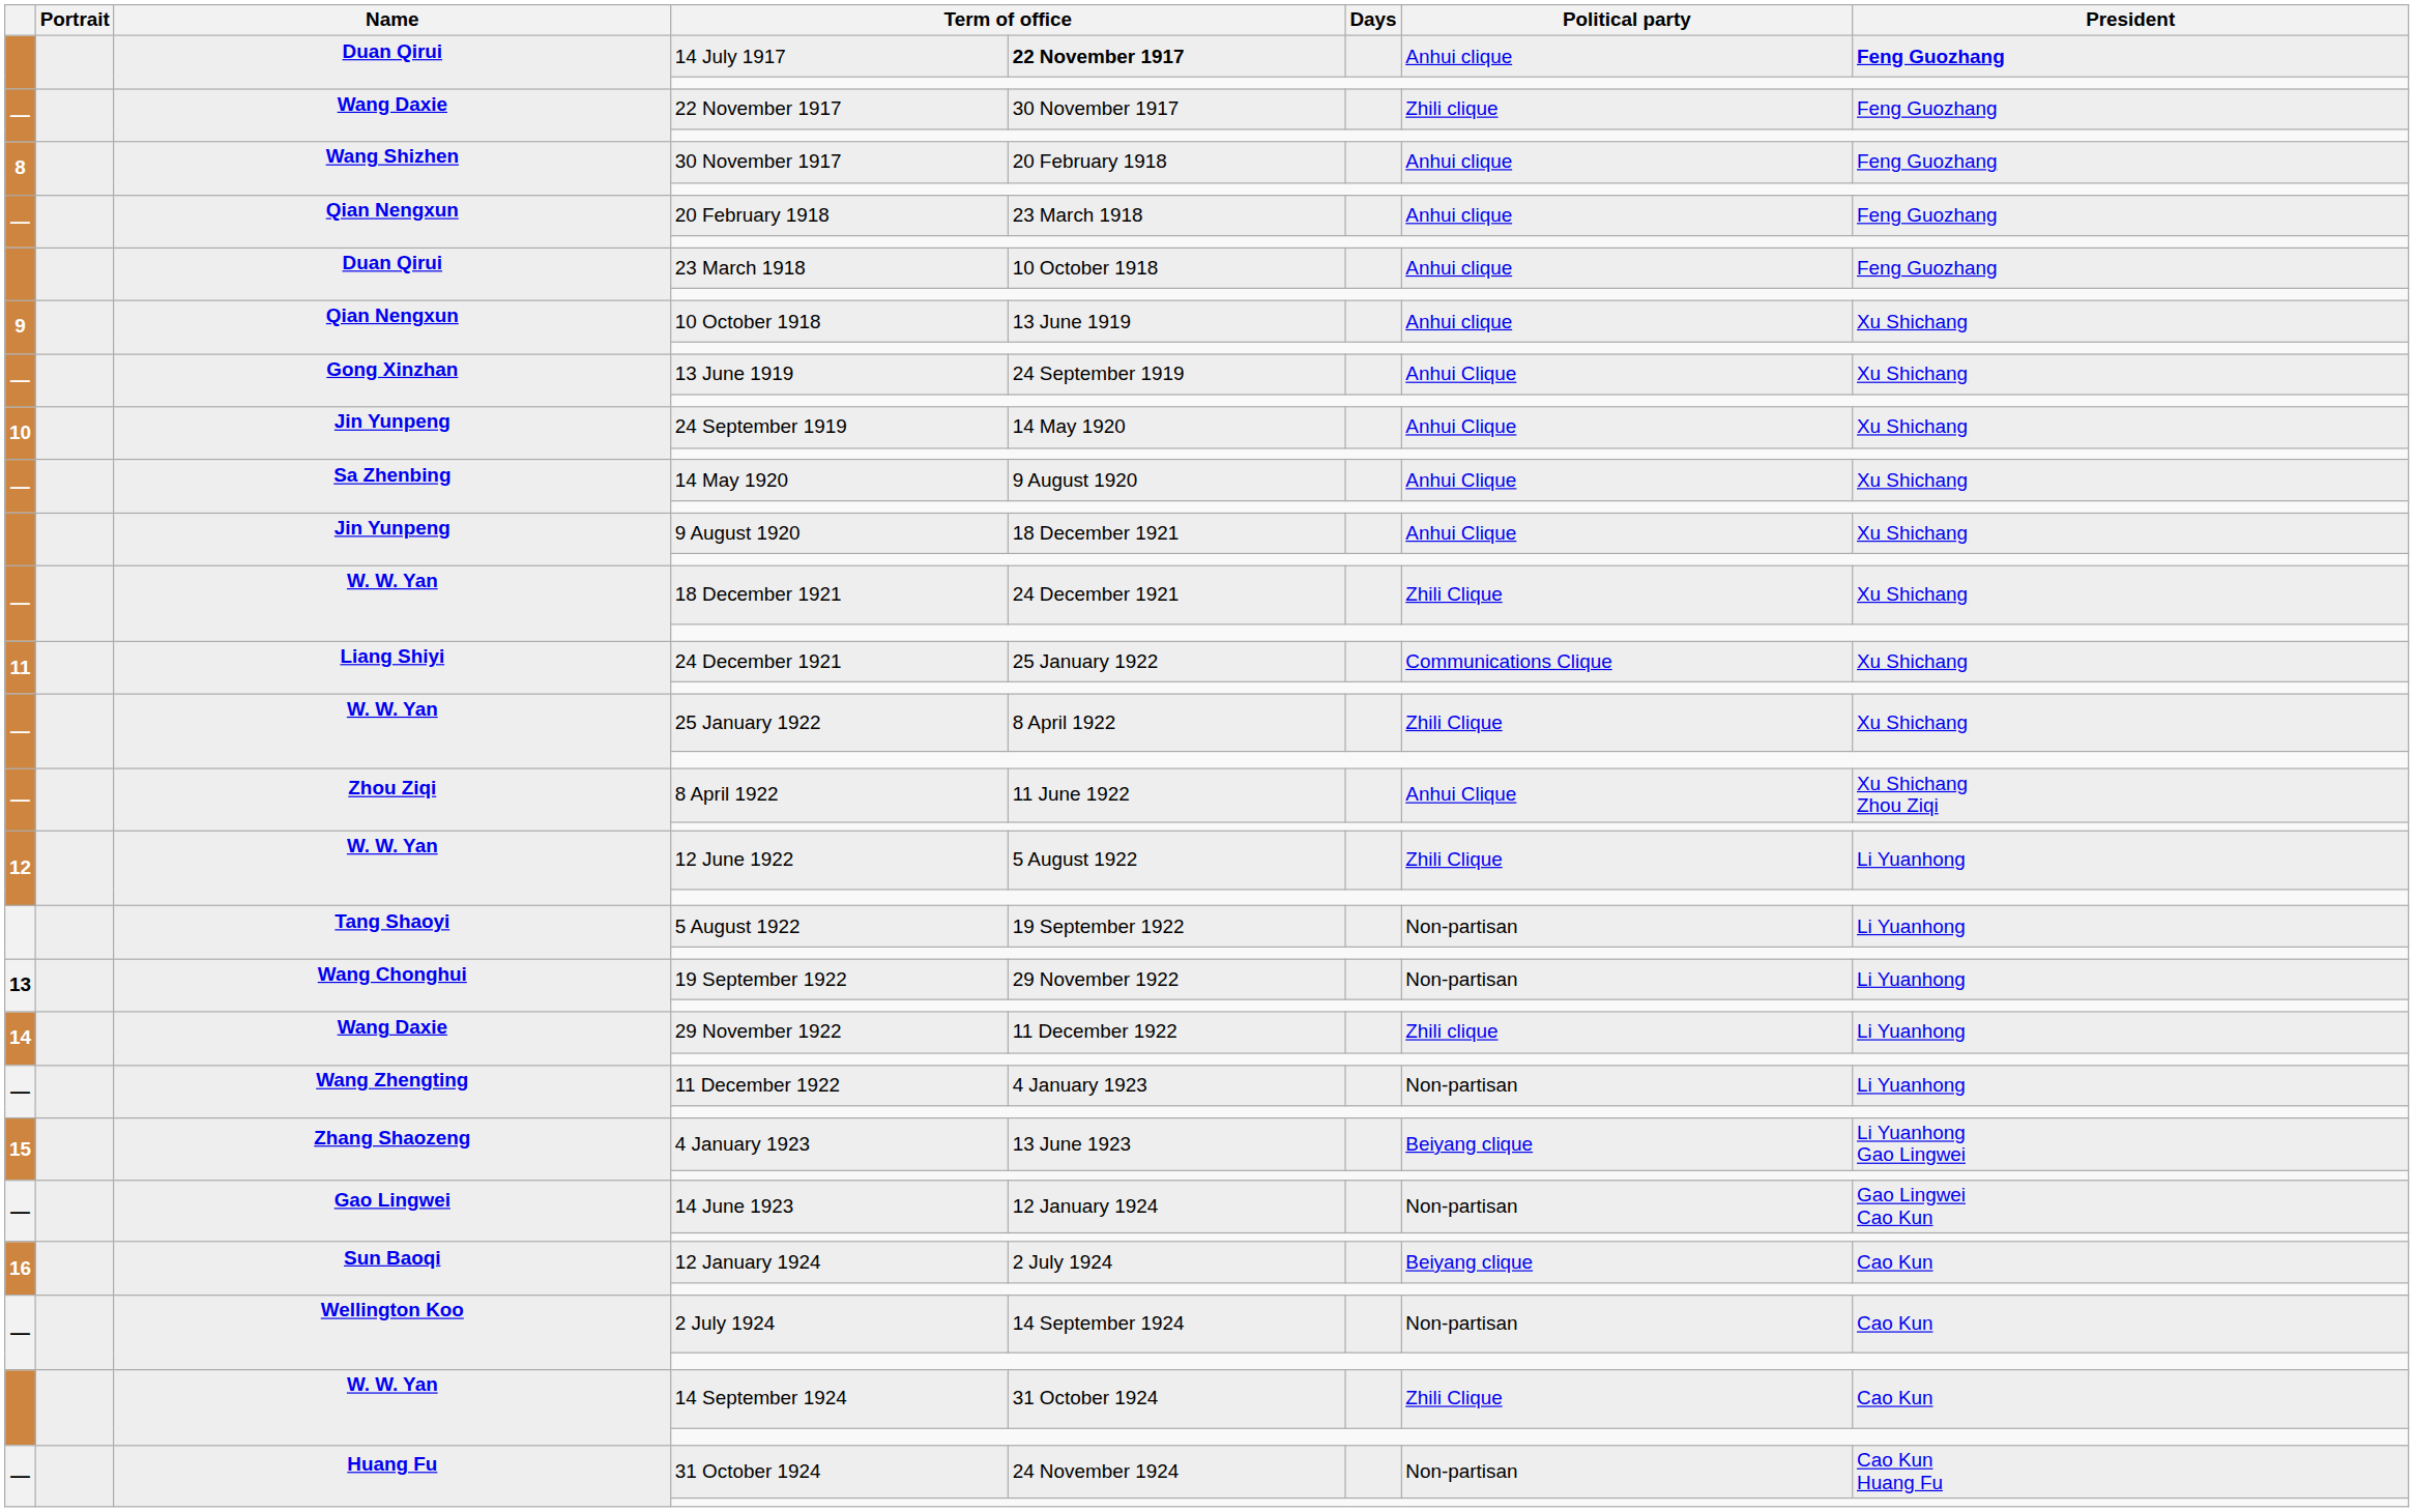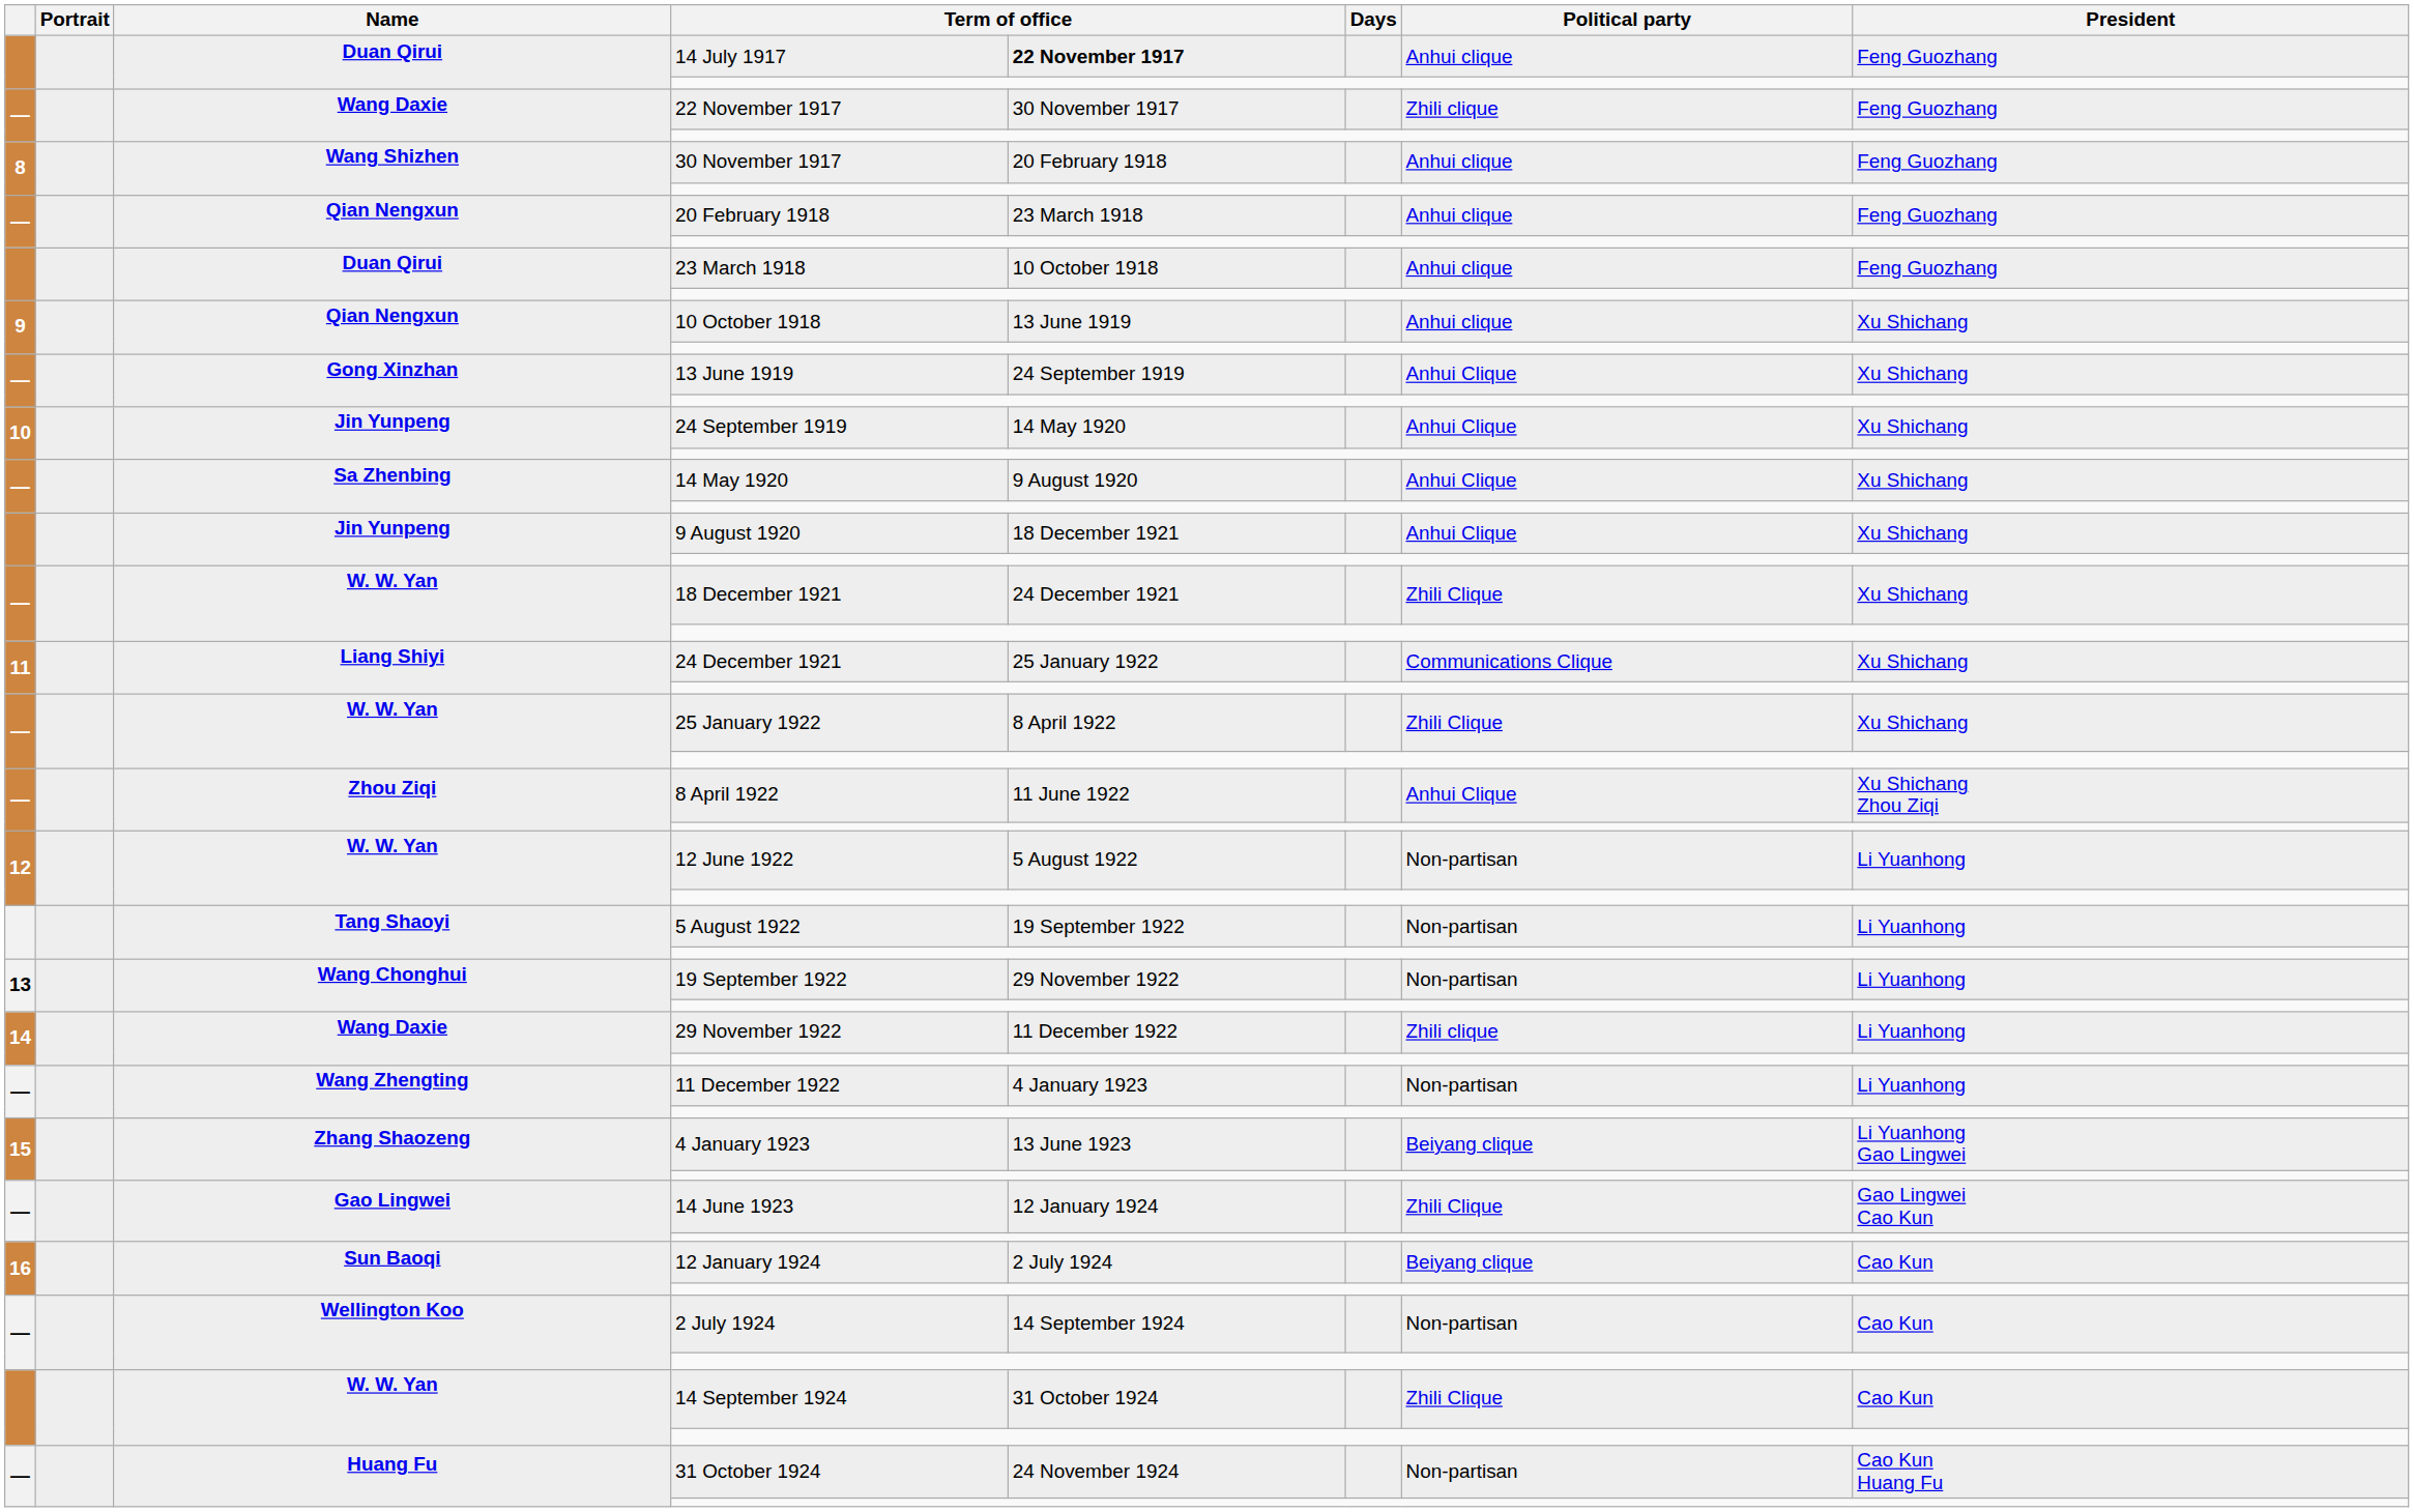 <table class="wikitable">
 <tr>
 <th></th>
 <th>Portrait</th>
 <th width=25%>Name<br></th>
 <th colspan=2 width=30%>Term of office</th>
 <th>Days</th>
 <th width=20%>Political party</th>
 <th width=35%>President</th>
 </tr>
 <tr bgcolor=#EEEEEE>
 <th rowspan=2 style="background:#CD853F; color:white;"></th>
 <td rowspan=2 align=center></td>
 <td rowspan=2 align=center><strong><a href='#'>Duan Qirui</a></strong><br><br></td>
 <td>14 July 1917</td>
 <td><strong>22 November 1917</strong></td>
 <td></td>
 <td><a href='#'>Anhui clique</a></td>
-<td><strong><a href='#'>Feng Guozhang</a></strong></td>
+<td><a href='#'>Feng Guozhang</a></td>
 </tr>
 <tr>
 <td colspan=5></td>
 </tr>
 <tr bgcolor=#EEEEEE>
 <th rowspan=2 style="background:#CD853F; color:white;">—</th>
 <td rowspan=2 align=center></td>
 <td rowspan=2 align=center><strong><a href='#'>Wang Daxie</a></strong><br><br></td>
 <td>22 November 1917</td>
 <td>30 November 1917</td>
 <td></td>
 <td><a href='#'>Zhili clique</a></td>
 <td><a href='#'>Feng Guozhang</a></td>
 </tr>
 <tr>
 <td colspan=5></td>
 </tr>
 <tr bgcolor=#EEEEEE>
 <th rowspan=2 style="background:#CD853F; color:white;">8</th>
 <td rowspan=2 align=center></td>
 <td rowspan=2 align=center><strong><a href='#'>Wang Shizhen</a></strong><br><br></td>
 <td>30 November 1917</td>
 <td>20 February 1918</td>
 <td></td>
 <td><a href='#'>Anhui clique</a></td>
 <td><a href='#'>Feng Guozhang</a></td>
 </tr>
 <tr>
 <td colspan=5></td>
 </tr>
 <tr bgcolor=#EEEEEE>
 <th rowspan=2 style="background:#CD853F; color:white;">—</th>
 <td rowspan=2 align=center></td>
 <td rowspan=2 align=center><strong><a href='#'>Qian Nengxun</a></strong><br><br></td>
 <td>20 February 1918</td>
 <td>23 March 1918</td>
 <td></td>
 <td><a href='#'>Anhui clique</a></td>
 <td><a href='#'>Feng Guozhang</a></td>
 </tr>
 <tr>
 <td colspan=5></td>
 </tr>
 <tr bgcolor=#EEEEEE>
 <th rowspan=2 style="background:#CD853F; color:white;"></th>
 <td rowspan=2 align=center></td>
 <td rowspan=2 align=center><strong><a href='#'>Duan Qirui</a></strong><br><br></td>
 <td>23 March 1918</td>
 <td>10 October 1918</td>
 <td></td>
 <td><a href='#'>Anhui clique</a></td>
 <td><a href='#'>Feng Guozhang</a></td>
 </tr>
 <tr>
 <td colspan=5></td>
 </tr>
 <tr bgcolor=#EEEEEE>
 <th rowspan=2 style="background:#CD853F; color:white;">9</th>
 <td rowspan=2 align=center></td>
 <td rowspan=2 align=center><strong><a href='#'>Qian Nengxun</a></strong><br><br></td>
 <td>10 October 1918</td>
 <td>13 June 1919</td>
 <td></td>
 <td><a href='#'>Anhui clique</a></td>
 <td><a href='#'>Xu Shichang</a></td>
 </tr>
 <tr>
 <td colspan=5></td>
 </tr>
 <tr bgcolor=#EEEEEE>
 <th rowspan=2 style="background:#CD853F; color:white;">—</th>
 <td rowspan=2 align=center></td>
 <td rowspan=2 align=center><strong><a href='#'>Gong Xinzhan</a></strong><br><br></td>
 <td>13 June 1919</td>
 <td>24 September 1919</td>
 <td></td>
 <td><a href='#'>Anhui Clique</a></td>
 <td><a href='#'>Xu Shichang</a></td>
 </tr>
 <tr>
 <td colspan=5></td>
 </tr>
 <tr bgcolor=#EEEEEE>
 <th rowspan=2 style="background:#CD853F; color:white;">10</th>
 <td rowspan=2 align=center></td>
 <td rowspan=2 align=center><strong><a href='#'>Jin Yunpeng</a></strong><br><br></td>
 <td>24 September 1919</td>
 <td>14 May 1920</td>
 <td></td>
 <td><a href='#'>Anhui Clique</a></td>
 <td><a href='#'>Xu Shichang</a></td>
 </tr>
 <tr>
 <td colspan=5></td>
 </tr>
 <tr bgcolor=#EEEEEE>
 <th rowspan=2 style="background:#CD853F; color:white;">—</th>
 <td rowspan=2 align=center></td>
 <td rowspan=2 align=center><strong><a href='#'>Sa Zhenbing</a></strong><br><br></td>
 <td>14 May 1920</td>
 <td>9 August 1920</td>
 <td></td>
 <td><a href='#'>Anhui Clique</a></td>
 <td><a href='#'>Xu Shichang</a></td>
 </tr>
 <tr>
 <td colspan=5></td>
 </tr>
 <tr bgcolor=#EEEEEE>
 <th rowspan=2 style="background:#CD853F; color:white;"></th>
 <td rowspan=2 align=center></td>
 <td rowspan=2 align=center><strong><a href='#'>Jin Yunpeng</a></strong><br><br></td>
 <td>9 August 1920</td>
 <td>18 December 1921</td>
 <td></td>
 <td><a href='#'>Anhui Clique</a></td>
 <td><a href='#'>Xu Shichang</a></td>
 </tr>
 <tr>
 <td colspan=5></td>
 </tr>
 <tr bgcolor=#EEEEEE>
 <th rowspan=2 style="background:#CD853F; color:white;">—</th>
 <td rowspan=2 align=center></td>
 <td rowspan=2 align=center><strong><a href='#'>W. W. Yan<br></a></strong><br><br></td>
 <td>18 December 1921</td>
 <td>24 December 1921</td>
 <td></td>
 <td><a href='#'>Zhili Clique</a></td>
 <td><a href='#'>Xu Shichang</a></td>
 </tr>
 <tr>
 <td colspan=5></td>
 </tr>
 <tr bgcolor=#EEEEEE>
 <th rowspan=2 style="background:#CD853F; color:white;">11</th>
 <td rowspan=2 align=center></td>
 <td rowspan=2 align=center><strong><a href='#'>Liang Shiyi</a></strong><br><br></td>
 <td>24 December 1921</td>
 <td>25 January 1922</td>
 <td></td>
 <td><a href='#'>Communications Clique</a></td>
 <td><a href='#'>Xu Shichang</a></td>
 </tr>
 <tr>
 <td colspan=5></td>
 </tr>
 <tr bgcolor=#EEEEEE>
 <th rowspan=2 style="background:#CD853F; color:white;">—</th>
 <td rowspan=2 align=center></td>
 <td rowspan=2 align=center><strong><a href='#'>W. W. Yan<br></a></strong><br><br></td>
 <td>25 January 1922</td>
 <td>8 April 1922</td>
 <td></td>
 <td><a href='#'>Zhili Clique</a></td>
 <td><a href='#'>Xu Shichang</a></td>
 </tr>
 <tr>
 <td colspan=5></td>
 </tr>
 <tr bgcolor=#EEEEEE>
 <th rowspan=2 style="background:#CD853F; color:white;">—</th>
 <td rowspan=2 align=center></td>
 <td rowspan=2 align=center><strong><a href='#'>Zhou Ziqi</a></strong><br><br></td>
 <td>8 April 1922</td>
 <td>11 June 1922</td>
 <td></td>
 <td><a href='#'>Anhui Clique</a></td>
 <td><a href='#'>Xu Shichang</a><br><a href='#'>Zhou Ziqi</a> </td>
 </tr>
 <tr>
 <td colspan=5></td>
 </tr>
 <tr bgcolor=#EEEEEE>
 <th rowspan=2 style="background:#CD853F; color:white;">12</th>
 <td rowspan=2 align=center></td>
 <td rowspan=2 align=center><strong><a href='#'>W. W. Yan<br></a></strong><br><br></td>
 <td>12 June 1922</td>
 <td>5 August 1922</td>
 <td></td>
-<td><a href='#'>Zhili Clique</a></td>
+<td>Non-partisan</td>
 <td><a href='#'>Li Yuanhong</a></td>
 </tr>
 <tr>
 <td colspan=5></td>
 </tr>
 <tr bgcolor=#EEEEEE>
 <th rowspan=2 style="background:"></th>
 <td rowspan=2 align=center></td>
 <td rowspan=2 align=center><strong><a href='#'>Tang Shaoyi</a></strong><br><br></td>
 <td>5 August 1922</td>
 <td>19 September 1922</td>
 <td></td>
 <td>Non-partisan</td>
 <td><a href='#'>Li Yuanhong</a></td>
 </tr>
 <tr>
 <td colspan=5></td>
 </tr>
 <tr bgcolor=#EEEEEE>
 <th rowspan=2 style="background:">13</th>
 <td rowspan=2 align=center></td>
 <td rowspan=2 align=center><strong><a href='#'>Wang Chonghui</a></strong><br><br></td>
 <td>19 September 1922</td>
 <td>29 November 1922</td>
 <td></td>
 <td>Non-partisan</td>
 <td><a href='#'>Li Yuanhong</a></td>
 </tr>
 <tr>
 <td colspan=5></td>
 </tr>
 <tr bgcolor=#EEEEEE>
 <th rowspan=2 style="background:#CD853F; color:white;">14</th>
 <td rowspan=2 align=center></td>
 <td rowspan=2 align=center><strong><a href='#'>Wang Daxie</a></strong><br><br></td>
 <td>29 November 1922</td>
 <td>11 December 1922</td>
 <td></td>
 <td><a href='#'>Zhili clique</a></td>
 <td><a href='#'>Li Yuanhong</a></td>
 </tr>
 <tr>
 <td colspan=5></td>
 </tr>
 <tr bgcolor=#EEEEEE>
 <th rowspan=2 style="background:">—</th>
 <td rowspan=2 align=center></td>
 <td rowspan=2 align=center><strong><a href='#'>Wang Zhengting</a></strong><br><br></td>
 <td>11 December 1922</td>
 <td>4 January 1923</td>
 <td></td>
 <td>Non-partisan</td>
 <td><a href='#'>Li Yuanhong</a></td>
 </tr>
 <tr>
 <td colspan=5></td>
 </tr>
 <tr bgcolor=#EEEEEE>
 <th rowspan=2 style="background:#CD853F; color:white;">15</th>
 <td rowspan=2 align=center></td>
 <td rowspan=2 align=center><strong><a href='#'>Zhang Shaozeng</a></strong><br><br></td>
 <td>4 January 1923</td>
 <td>13 June 1923</td>
 <td></td>
 <td><a href='#'>Beiyang clique</a></td>
 <td><a href='#'>Li Yuanhong</a><br><a href='#'>Gao Lingwei</a></td>
 </tr>
 <tr>
 <td colspan=5></td>
 </tr>
 <tr bgcolor=#EEEEEE>
 <th rowspan=2 style="background:">—</th>
 <td rowspan=2 align=center></td>
 <td rowspan=2 align=center><strong><a href='#'>Gao Lingwei</a></strong><br><br></td>
 <td>14 June 1923</td>
 <td>12 January 1924</td>
 <td></td>
-<td>Non-partisan</td>
+<td><a href='#'>Zhili Clique</a></td>
 <td><a href='#'>Gao Lingwei</a><br><a href='#'>Cao Kun</a></td>
 </tr>
 <tr>
 <td colspan=5></td>
 </tr>
 <tr bgcolor=#EEEEEE>
 <th rowspan=2 style="background:#CD853F; color:white;">16</th>
 <td rowspan=2 align=center></td>
 <td rowspan=2 align=center><strong><a href='#'>Sun Baoqi</a></strong><br><br></td>
 <td>12 January 1924</td>
 <td>2 July 1924</td>
 <td></td>
 <td><a href='#'>Beiyang clique</a></td>
 <td><a href='#'>Cao Kun</a></td>
 </tr>
 <tr>
 <td colspan=5></td>
 </tr>
 <tr bgcolor=#EEEEEE>
 <th rowspan=2 style="background:">—</th>
 <td rowspan=2 align=center></td>
 <td rowspan=2 align=center><strong><a href='#'>Wellington Koo<br></a></strong><br><br></td>
 <td>2 July 1924</td>
 <td>14 September 1924</td>
 <td></td>
 <td>Non-partisan</td>
 <td><a href='#'>Cao Kun</a></td>
 </tr>
 <tr>
 <td colspan=5></td>
 </tr>
 <tr bgcolor=#EEEEEE>
 <th rowspan=2 style="background:#CD853F; color:white;"></th>
 <td rowspan=2 align=center></td>
 <td rowspan=2 align=center><strong><a href='#'>W. W. Yan<br></a></strong><br><br></td>
 <td>14 September 1924</td>
 <td>31 October 1924</td>
 <td></td>
 <td><a href='#'>Zhili Clique</a></td>
 <td><a href='#'>Cao Kun</a></td>
 </tr>
 <tr>
 <td colspan=5></td>
 </tr>
 <tr bgcolor=#EEEEEE>
 <th rowspan=2 style="background:">—</th>
 <td rowspan=2 align=center></td>
 <td rowspan=2 align=center><strong><a href='#'>Huang Fu</a></strong><br><br></td>
 <td>31 October 1924</td>
 <td>24 November 1924</td>
 <td></td>
 <td>Non-partisan</td>
 <td><a href='#'>Cao Kun</a><br><a href='#'>Huang Fu</a> </td>
 </tr>
 <tr>
 <td colspan=5></td>
 </tr>
 </table>
